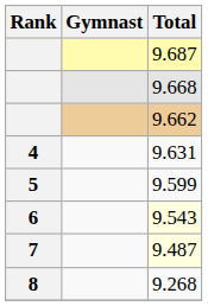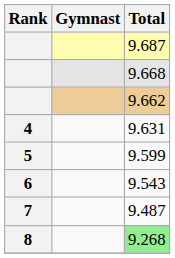 <table class="wikitable sortable" style="text-align:center; font-size:95%">
 <tr>
 <th scope=col>Rank</th>
 <th scope=col>Gymnast</th>
 <th scope=col>Total</th>
 </tr>
 <tr bgcolor=fffcaf>
 <th scope=row style="text-align:center"></th>
 <td align=left></td>
 <td>9.687</td>
 </tr>
 <tr bgcolor=e5e5e5>
 <th scope=row style="text-align:center"></th>
 <td align=left></td>
 <td>9.668</td>
 </tr>
 <tr bgcolor=eecc99>
 <th scope=row style="text-align:center"></th>
 <td align=left></td>
 <td>9.662</td>
 </tr>
 <tr>
 <th scope=row style="text-align:center">4</th>
 <td align=left></td>
 <td>9.631</td>
 </tr>
 <tr>
 <th scope=row style="text-align:center">5</th>
 <td align=left></td>
 <td>9.599</td>
 </tr>
 <tr>
 <th scope=row style="text-align:center">6</th>
 <td align=left></td>
-<td style="background: lightyellow;">9.543</td>
+<td>9.543</td>
 </tr>
 <tr>
 <th scope=row style="text-align:center">7</th>
 <td align=left></td>
-<td style="background: lightyellow;">9.487</td>
+<td>9.487</td>
 </tr>
 <tr>
 <th scope=row style="text-align:center">8</th>
 <td align=left></td>
-<td>9.268</td>
+<td style="background: lightgreen;">9.268</td>
 </tr>
 <tr>
 </tr>
 </table>
